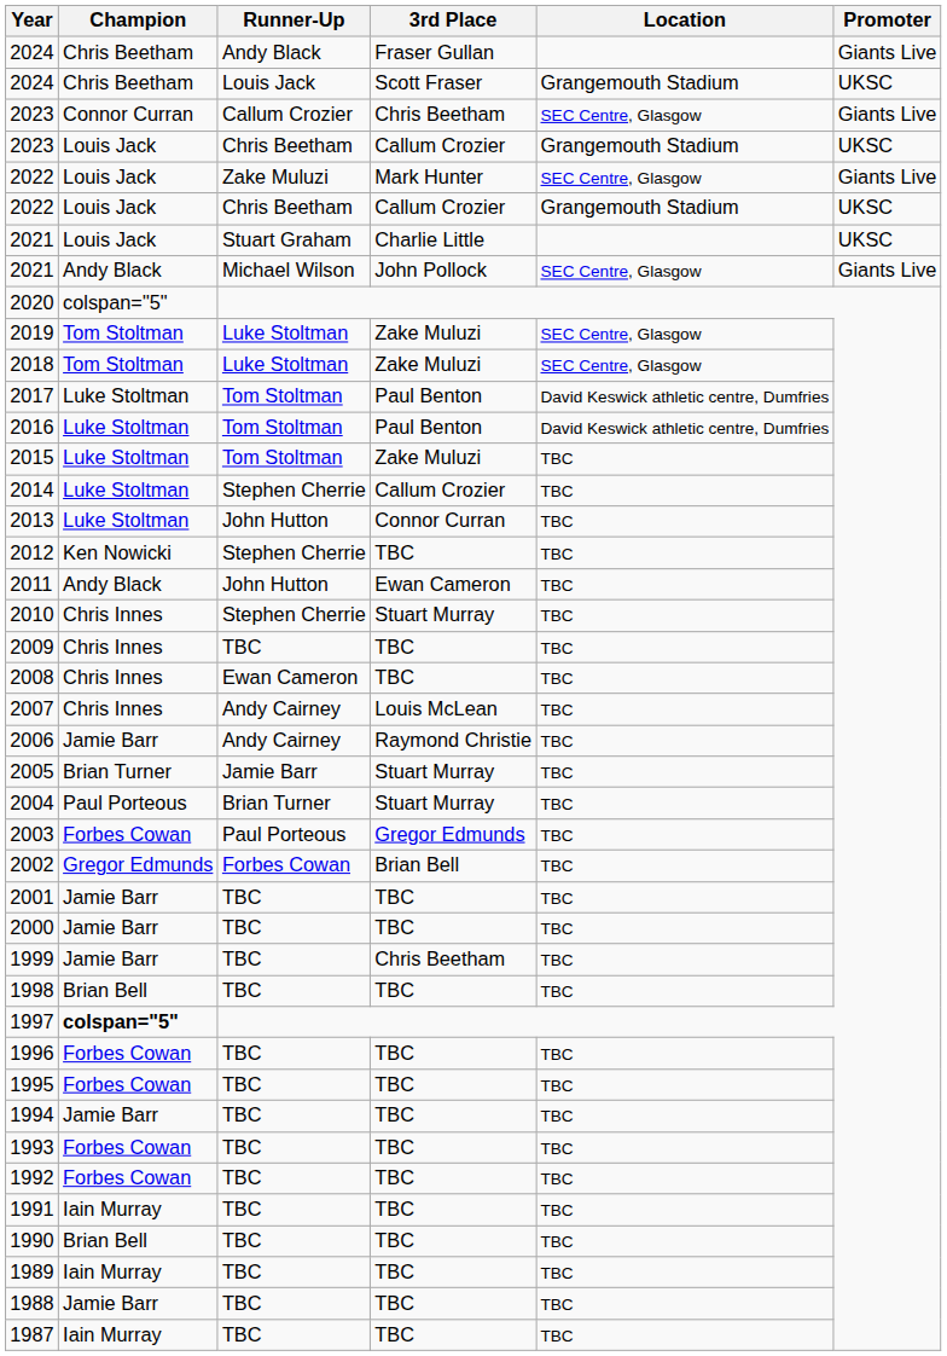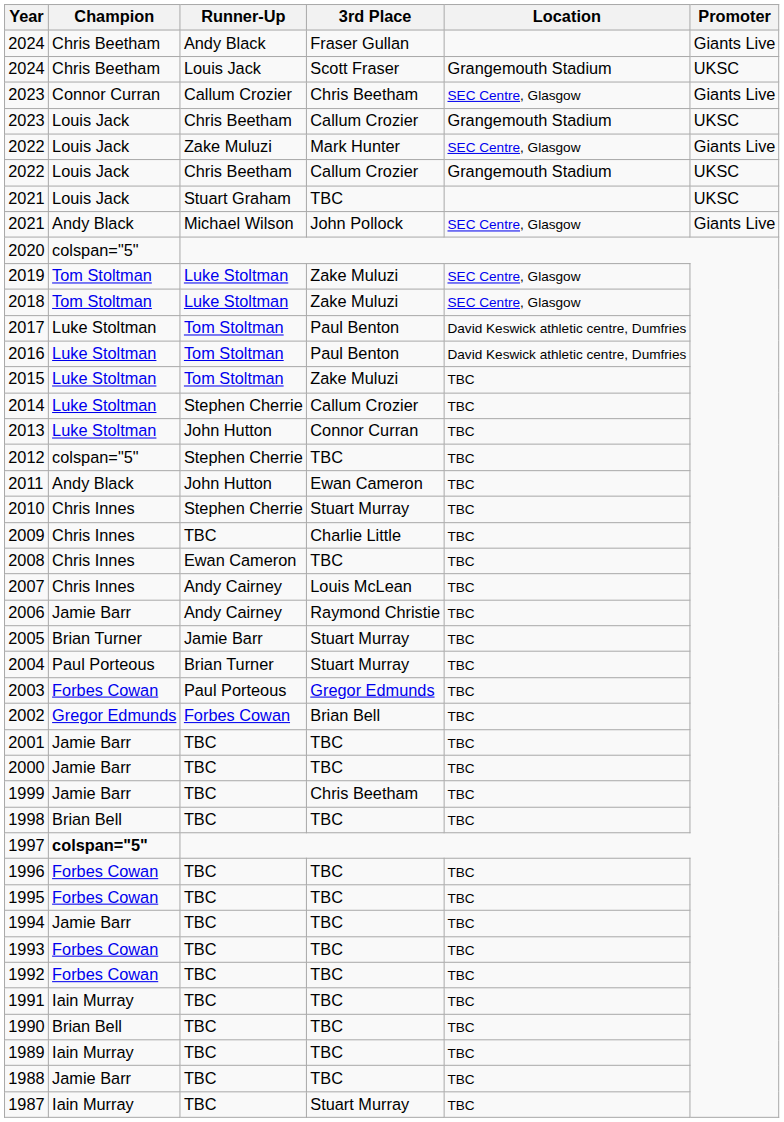 <table class="wikitable">
 <tr>
 <th>Year</th>
 <th>Champion</th>
 <th>Runner-Up</th>
 <th>3rd Place</th>
 <th>Location</th>
 <th>Promoter</th>
 </tr>
 <tr>
 <td>2024</td>
 <td> Chris Beetham</td>
 <td> Andy Black</td>
 <td> Fraser Gullan</td>
 <td></td>
 <td>Giants Live</td>
 </tr>
 <tr>
 <td>2024</td>
 <td> Chris Beetham</td>
 <td> Louis Jack</td>
 <td> Scott Fraser</td>
 <td> Grangemouth Stadium</td>
 <td>UKSC</td>
 </tr>
 <tr>
 <td>2023</td>
 <td> Connor Curran</td>
 <td> Callum Crozier</td>
 <td> Chris Beetham</td>
 <td> <small><a href='#'>SEC Centre</a>, Glasgow</small></td>
 <td>Giants Live</td>
 </tr>
 <tr>
 <td>2023</td>
 <td> Louis Jack</td>
 <td> Chris Beetham</td>
 <td> Callum Crozier</td>
 <td> Grangemouth Stadium</td>
 <td>UKSC</td>
 </tr>
 <tr>
 <td>2022</td>
 <td> Louis Jack</td>
 <td> Zake Muluzi</td>
 <td> Mark Hunter</td>
 <td> <small><a href='#'>SEC Centre</a>, Glasgow</small></td>
 <td>Giants Live</td>
 </tr>
 <tr>
 <td>2022</td>
 <td> Louis Jack</td>
 <td> Chris Beetham</td>
 <td> Callum Crozier</td>
 <td> Grangemouth Stadium</td>
 <td>UKSC</td>
 </tr>
 <tr>
 <td>2021</td>
 <td> Louis Jack</td>
 <td> Stuart Graham</td>
-<td> Charlie Little</td>
+<td> TBC</td>
 <td></td>
 <td>UKSC</td>
 </tr>
 <tr>
 <td>2021</td>
 <td> Andy Black</td>
 <td> Michael Wilson</td>
 <td> John Pollock</td>
 <td> <small><a href='#'>SEC Centre</a>, Glasgow</small></td>
 <td>Giants Live</td>
 </tr>
 <tr>
 <td>2020</td>
 <td>colspan="5" </td>
 </tr>
 <tr>
 <td>2019</td>
 <td> <a href='#'>Tom Stoltman</a></td>
 <td> <a href='#'>Luke Stoltman</a></td>
 <td> Zake Muluzi</td>
 <td> <small><a href='#'>SEC Centre</a>, Glasgow</small></td>
 </tr>
 <tr>
 <td>2018</td>
 <td> <a href='#'>Tom Stoltman</a></td>
 <td> <a href='#'>Luke Stoltman</a></td>
 <td> Zake Muluzi</td>
 <td> <small><a href='#'>SEC Centre</a>, Glasgow</small></td>
 </tr>
 <tr>
 <td>2017</td>
 <td> Luke Stoltman</td>
 <td> <a href='#'>Tom Stoltman</a></td>
 <td> Paul Benton</td>
 <td> <small>David Keswick athletic centre, Dumfries</small></td>
 </tr>
 <tr>
 <td>2016</td>
 <td> <a href='#'>Luke Stoltman</a></td>
 <td> <a href='#'>Tom Stoltman</a></td>
 <td> Paul Benton</td>
 <td> <small>David Keswick athletic centre, Dumfries</small></td>
 </tr>
 <tr>
 <td>2015</td>
 <td> <a href='#'>Luke Stoltman</a></td>
 <td> <a href='#'>Tom Stoltman</a></td>
 <td> Zake Muluzi</td>
 <td> <small>TBC</small></td>
 </tr>
 <tr>
 <td>2014</td>
 <td> <a href='#'>Luke Stoltman</a></td>
 <td> Stephen Cherrie</td>
 <td> Callum Crozier</td>
 <td> <small>TBC</small></td>
 </tr>
 <tr>
 <td>2013</td>
 <td> <a href='#'>Luke Stoltman</a></td>
 <td> John Hutton</td>
 <td> Connor Curran</td>
 <td> <small>TBC</small></td>
 </tr>
 <tr>
 <td>2012</td>
-<td> Ken Nowicki</td>
+<td>colspan="5" </td>
 <td> Stephen Cherrie</td>
 <td> TBC</td>
 <td> <small>TBC</small></td>
 </tr>
 <tr>
 <td>2011</td>
 <td> Andy Black</td>
 <td> John Hutton</td>
 <td> Ewan Cameron</td>
 <td> <small>TBC</small></td>
 </tr>
 <tr>
 <td>2010</td>
 <td> Chris Innes</td>
 <td> Stephen Cherrie</td>
 <td> Stuart Murray</td>
 <td> <small>TBC</small></td>
 </tr>
 <tr>
 <td>2009</td>
 <td> Chris Innes</td>
 <td> TBC</td>
-<td> TBC</td>
+<td> Charlie Little</td>
 <td> <small>TBC</small></td>
 </tr>
 <tr>
 <td>2008</td>
 <td> Chris Innes</td>
 <td> Ewan Cameron</td>
 <td> TBC</td>
 <td> <small>TBC</small></td>
 </tr>
 <tr>
 <td>2007</td>
 <td> Chris Innes</td>
 <td> Andy Cairney</td>
 <td> Louis McLean</td>
 <td> <small>TBC</small></td>
 </tr>
 <tr>
 <td>2006</td>
 <td> Jamie Barr</td>
 <td> Andy Cairney</td>
 <td> Raymond Christie</td>
 <td> <small>TBC</small></td>
 </tr>
 <tr>
 <td>2005</td>
 <td> Brian Turner</td>
 <td> Jamie Barr</td>
 <td> Stuart Murray</td>
 <td> <small>TBC</small></td>
 </tr>
 <tr>
 <td>2004</td>
 <td> Paul Porteous</td>
 <td> Brian Turner</td>
 <td> Stuart Murray</td>
 <td> <small>TBC</small></td>
 </tr>
 <tr>
 <td>2003</td>
 <td> <a href='#'>Forbes Cowan</a></td>
 <td> Paul Porteous</td>
 <td> <a href='#'>Gregor Edmunds</a></td>
 <td> <small>TBC</small></td>
 </tr>
 <tr>
 <td>2002</td>
 <td> <a href='#'>Gregor Edmunds</a></td>
 <td> <a href='#'>Forbes Cowan</a></td>
 <td> Brian Bell</td>
 <td> <small>TBC</small></td>
 </tr>
 <tr>
 <td>2001</td>
 <td> Jamie Barr</td>
 <td> TBC</td>
 <td> TBC</td>
 <td> <small>TBC</small></td>
 </tr>
 <tr>
 <td>2000</td>
 <td> Jamie Barr</td>
 <td> TBC</td>
 <td> TBC</td>
 <td> <small>TBC</small></td>
 </tr>
 <tr>
 <td>1999</td>
 <td> Jamie Barr</td>
 <td> TBC</td>
 <td> Chris Beetham</td>
 <td> <small>TBC</small></td>
 </tr>
 <tr>
 <td>1998</td>
 <td> Brian Bell</td>
 <td> TBC</td>
 <td> TBC</td>
 <td> <small>TBC</small></td>
 </tr>
 <tr>
 <td>1997</td>
 <td><strong>colspan="5" </strong></td>
 </tr>
 <tr>
 <td>1996</td>
 <td> <a href='#'>Forbes Cowan</a></td>
 <td> TBC</td>
 <td> TBC</td>
 <td> <small>TBC</small></td>
 </tr>
 <tr>
 <td>1995</td>
 <td> <a href='#'>Forbes Cowan</a></td>
 <td> TBC</td>
 <td> TBC</td>
 <td> <small>TBC</small></td>
 </tr>
 <tr>
 <td>1994</td>
 <td> Jamie Barr</td>
 <td> TBC</td>
 <td> TBC</td>
 <td> <small>TBC</small></td>
 </tr>
 <tr>
 <td>1993</td>
 <td> <a href='#'>Forbes Cowan</a></td>
 <td> TBC</td>
 <td> TBC</td>
 <td> <small>TBC</small></td>
 </tr>
 <tr>
 <td>1992</td>
 <td> <a href='#'>Forbes Cowan</a></td>
 <td> TBC</td>
 <td> TBC</td>
 <td> <small>TBC</small></td>
 </tr>
 <tr>
 <td>1991</td>
 <td> Iain Murray</td>
 <td> TBC</td>
 <td> TBC</td>
 <td> <small>TBC</small></td>
 </tr>
 <tr>
 <td>1990</td>
 <td> Brian Bell</td>
 <td> TBC</td>
 <td> TBC</td>
 <td> <small>TBC</small></td>
 </tr>
 <tr>
 <td>1989</td>
 <td> Iain Murray</td>
 <td> TBC</td>
 <td> TBC</td>
 <td> <small>TBC</small></td>
 </tr>
 <tr>
 <td>1988</td>
 <td> Jamie Barr</td>
 <td> TBC</td>
 <td> TBC</td>
 <td> <small>TBC</small></td>
 </tr>
 <tr>
 <td>1987</td>
 <td> Iain Murray</td>
 <td> TBC</td>
-<td> TBC</td>
+<td> Stuart Murray</td>
 <td> <small>TBC</small></td>
 </tr>
 </table>
